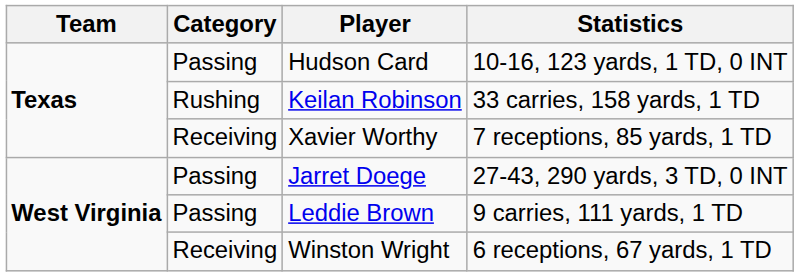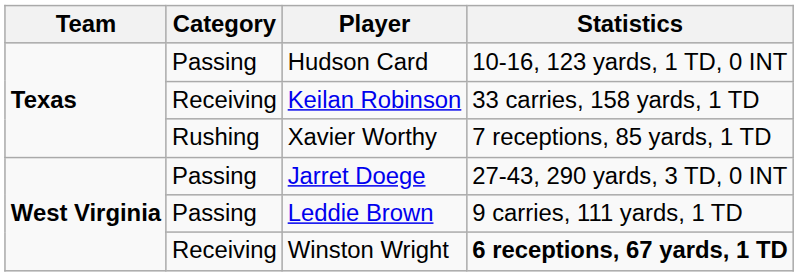 <table class="wikitable" style="float: right;">
 <tr>
 <th>Team</th>
 <th>Category</th>
 <th>Player</th>
 <th>Statistics</th>
 </tr>
 <tr>
 <td rowspan=3><strong>Texas</strong></td>
 <td>Passing</td>
 <td>Hudson Card</td>
 <td>10-16, 123 yards, 1 TD, 0 INT</td>
 </tr>
 <tr>
-<td>Rushing</td>
+<td>Receiving</td>
 <td><a href='#'>Keilan Robinson</a></td>
 <td>33 carries, 158 yards, 1 TD</td>
 </tr>
 <tr>
-<td>Receiving</td>
+<td>Rushing</td>
 <td>Xavier Worthy</td>
 <td>7 receptions, 85 yards, 1 TD</td>
 </tr>
 <tr>
 <td rowspan=3><strong>West Virginia</strong></td>
 <td>Passing</td>
 <td><a href='#'>Jarret Doege</a></td>
 <td>27-43, 290 yards, 3 TD, 0 INT</td>
 </tr>
 <tr>
 <td>Passing</td>
 <td><a href='#'>Leddie Brown</a></td>
 <td>9 carries, 111 yards, 1 TD</td>
 </tr>
 <tr>
 <td>Receiving</td>
 <td>Winston Wright</td>
-<td>6 receptions, 67 yards, 1 TD</td>
+<td><strong>6 receptions, 67 yards, 1 TD</strong></td>
 </tr>
 </table>
